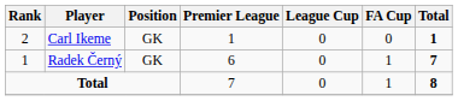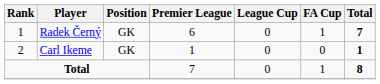 <table class="wikitable">
 <tr>
 <th>Rank</th>
 <th>Player</th>
 <th>Position</th>
 <th>Premier League</th>
 <th>League Cup</th>
 <th>FA Cup</th>
 <th>Total</th>
 </tr>
 <tr>
+<td align=center>1</td>
+<td> <a href='#'>Radek Černý</a></td>
+<td align=center>GK</td>
+<td align=center>6</td>
+<td align=center>0</td>
+<td align=center>1</td>
+<td align=center><strong>7</strong></td>
+</tr>
+<tr>
 <td align=center>2</td>
 <td> <a href='#'>Carl Ikeme</a></td>
 <td align=center>GK</td>
 <td align=center>1</td>
 <td align=center>0</td>
 <td align=center>0</td>
 <td align=center><strong>1</strong></td>
-</tr>
-<tr>
-<td align=center>1</td>
-<td> <a href='#'>Radek Černý</a></td>
-<td align=center>GK</td>
-<td align=center>6</td>
-<td align=center>0</td>
-<td align=center>1</td>
-<td align=center><strong>7</strong></td>
 </tr>
 <tr>
 <td colspan=3 align=center><strong>Total</strong></td>
 <td align=center>7</td>
 <td align=center>0</td>
 <td align=center>1</td>
 <td align=center><strong>8</strong></td>
 </tr>
 <tr>
 </tr>
 </table>
